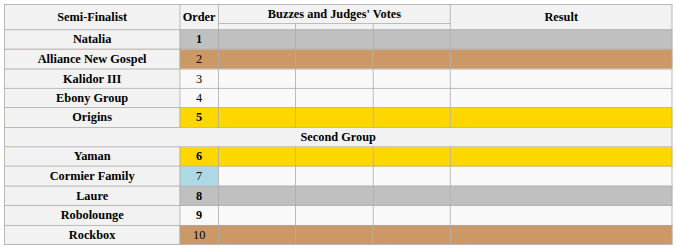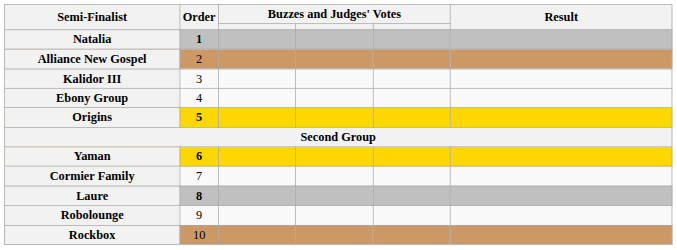 <table class="wikitable plainrowheaders sortable" style="text-align:center;">
 <tr>
 <th scope="col" rowspan=2 class="unsortable" style="width:17em;">Semi-Finalist</th>
 <th scope="col" rowspan=2 style="width:1em;">Order</th>
 <th scope="col" colspan=3 class="unsortable" style="width:24em;">Buzzes and Judges' Votes</th>
 <th scope="col" rowspan=2 style="width:23em;">Result</th>
 </tr>
 <tr>
 <th scope="col" class="unsortable" style="width:6em;"></th>
 <th scope="col" class="unsortable" style="width:6em;"></th>
 <th scope="col" class="unsortable" style="width:6em;"></th>
 </tr>
 <tr bgcolor=silver>
 <th scope="row"><strong>Natalia</strong></th>
 <td><strong>1</strong></td>
 <td style="text-align:center;"></td>
 <td style="text-align:center;"></td>
 <td style="text-align:center;"></td>
 <td><strong></strong></td>
 </tr>
 <tr bgcolor=#c96>
 <th scope="row">Alliance New Gospel</th>
 <td>2</td>
 <td style="text-align:center;"></td>
 <td style="text-align:center;"></td>
 <td style="text-align:center;"></td>
 <td><strong></strong></td>
 </tr>
 <tr>
 <th scope="row">Kalidor III</th>
 <td>3</td>
 <td style="text-align:center;"></td>
 <td style="text-align:center;"></td>
 <td style="text-align:center;"></td>
 <td></td>
 </tr>
 <tr>
 <th scope="row">Ebony Group</th>
 <td>4</td>
 <td style="text-align:center;"></td>
 <td style="text-align:center;"></td>
 <td style="text-align:center;"></td>
 <td></td>
 </tr>
 <tr bgcolor=gold>
 <th scope="row"><strong>Origins</strong></th>
 <td><strong>5</strong></td>
 <td style="text-align:center;"></td>
 <td style="text-align:center;"></td>
 <td style="text-align:center;"></td>
 <td><strong></strong></td>
 </tr>
 <tr>
 <th colspan="6">Second Group</th>
 </tr>
 <tr bgcolor=gold>
 <th scope="row"><strong>Yaman</strong></th>
 <td><strong>6</strong></td>
 <td style="text-align:center;"></td>
 <td style="text-align:center;"></td>
 <td style="text-align:center;"></td>
 <td><strong></strong></td>
 </tr>
 <tr>
 <th scope="row">Cormier Family</th>
-<td style="background: lightblue;">7</td>
+<td>7</td>
 <td style="text-align:center;"></td>
 <td style="text-align:center;"></td>
 <td style="text-align:center;"></td>
 <td></td>
 </tr>
 <tr bgcolor=silver>
 <th scope="row"><strong>Laure</strong></th>
 <td><strong>8</strong></td>
 <td style="text-align:center;"></td>
 <td style="text-align:center;"></td>
 <td style="text-align:center;"></td>
 <td><strong></strong></td>
 </tr>
 <tr>
 <th scope="row">Robolounge</th>
-<td><strong>9</strong></td>
+<td>9</td>
 <td style="text-align:center;"></td>
 <td style="text-align:center;"></td>
 <td style="text-align:center;"></td>
 <td></td>
 </tr>
 <tr bgcolor=#c96>
 <th scope="row">Rockbox</th>
 <td>10</td>
 <td style="text-align:center;"></td>
 <td style="text-align:center;"></td>
 <td style="text-align:center;"></td>
 <td><strong></strong></td>
 </tr>
 </table>
